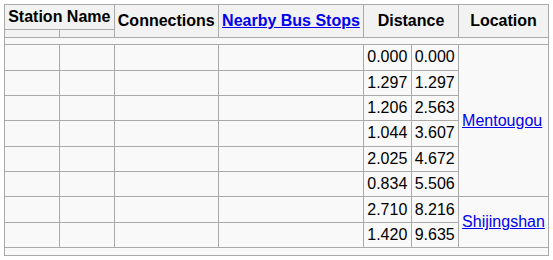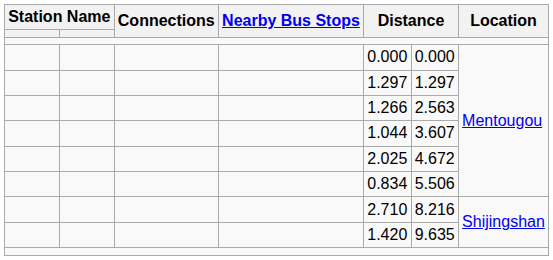 <table class="wikitable">
 <tr>
 <th colspan="2">Station Name</th>
 <th rowspan="2">Connections</th>
 <th rowspan="2"><a href='#'>Nearby Bus Stops</a></th>
 <th colspan="2" rowspan="2">Distance<br></th>
 <th rowspan="2">Location</th>
 </tr>
 <tr>
 <th></th>
 <th></th>
 </tr>
 <tr style="background:#">
 <td colspan = "7"></td>
 </tr>
 <tr>
 <td></td>
 <td></td>
 <td></td>
 <td></td>
 <td>0.000</td>
 <td>0.000</td>
 <td rowspan="6"><a href='#'>Mentougou</a></td>
 </tr>
 <tr>
 <td></td>
 <td></td>
 <td></td>
 <td></td>
 <td>1.297</td>
 <td>1.297</td>
 </tr>
 <tr>
 <td></td>
 <td></td>
 <td></td>
 <td></td>
-<td>1.206</td>
+<td>1.266</td>
 <td>2.563</td>
 </tr>
 <tr>
 <td></td>
 <td></td>
 <td></td>
 <td></td>
 <td>1.044</td>
 <td>3.607</td>
 </tr>
 <tr>
 <td></td>
 <td></td>
 <td></td>
 <td></td>
 <td>2.025</td>
 <td>4.672</td>
 </tr>
 <tr>
 <td></td>
 <td></td>
 <td></td>
 <td></td>
 <td>0.834</td>
 <td>5.506</td>
 </tr>
 <tr>
 <td></td>
 <td></td>
 <td> </td>
 <td></td>
 <td>2.710</td>
 <td>8.216</td>
 <td rowspan="2"><a href='#'>Shijingshan</a></td>
 </tr>
 <tr>
 <td></td>
 <td></td>
 <td> </td>
 <td></td>
 <td>1.420</td>
 <td>9.635</td>
 </tr>
 <tr style="background:#">
 <td colspan = "7"></td>
 </tr>
 </table>
